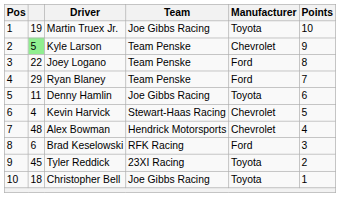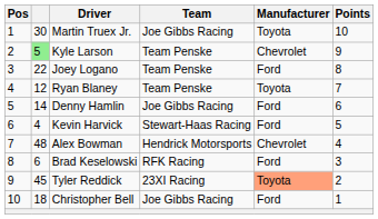 <table class="wikitable" style="font-size:98%">
 <tr>
 <th>Pos</th>
 <th></th>
 <th>Driver</th>
 <th>Team</th>
 <th>Manufacturer</th>
 <th>Points</th>
 </tr>
 <tr>
 <td>1</td>
-<td>19</td>
+<td>30</td>
 <td>Martin Truex Jr.</td>
 <td>Joe Gibbs Racing</td>
 <td>Toyota</td>
 <td>10</td>
 </tr>
 <tr>
 <td>2</td>
 <td style="background: lightgreen;">5</td>
 <td>Kyle Larson</td>
 <td>Team Penske</td>
 <td>Chevrolet</td>
 <td>9</td>
 </tr>
 <tr>
 <td>3</td>
 <td>22</td>
 <td>Joey Logano</td>
 <td>Team Penske</td>
 <td>Ford</td>
 <td>8</td>
 </tr>
 <tr>
 <td>4</td>
-<td>29</td>
+<td>12</td>
 <td>Ryan Blaney</td>
 <td>Team Penske</td>
-<td>Ford</td>
+<td>Toyota</td>
 <td>7</td>
 </tr>
 <tr>
 <td>5</td>
-<td>11</td>
+<td>14</td>
 <td>Denny Hamlin</td>
 <td>Joe Gibbs Racing</td>
-<td>Toyota</td>
+<td>Ford</td>
 <td>6</td>
 </tr>
 <tr>
 <td>6</td>
 <td>4</td>
 <td>Kevin Harvick</td>
 <td>Stewart-Haas Racing</td>
-<td>Chevrolet</td>
+<td>Ford</td>
 <td>5</td>
 </tr>
 <tr>
 <td>7</td>
 <td>48</td>
 <td>Alex Bowman</td>
 <td>Hendrick Motorsports</td>
 <td>Chevrolet</td>
 <td>4</td>
 </tr>
 <tr>
 <td>8</td>
 <td>6</td>
 <td>Brad Keselowski</td>
 <td>RFK Racing</td>
 <td>Ford</td>
 <td>3</td>
 </tr>
 <tr>
 <td>9</td>
 <td>45</td>
 <td>Tyler Reddick</td>
 <td>23XI Racing</td>
-<td>Toyota</td>
+<td style="background: lightsalmon;">Toyota</td>
 <td>2</td>
 </tr>
 <tr>
 <td>10</td>
 <td>18</td>
 <td>Christopher Bell</td>
 <td>Joe Gibbs Racing</td>
-<td>Toyota</td>
+<td>Ford</td>
 <td>1</td>
 </tr>
 <tr>
 <th colspan="6"></th>
 </tr>
 </table>
